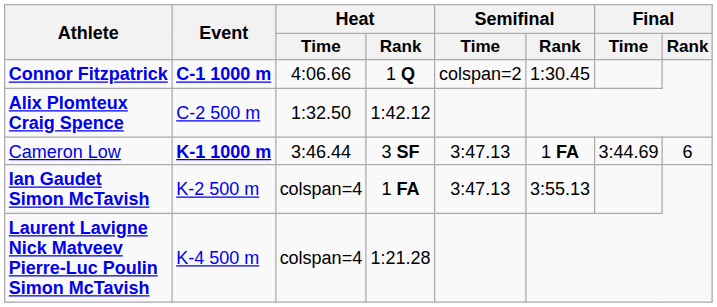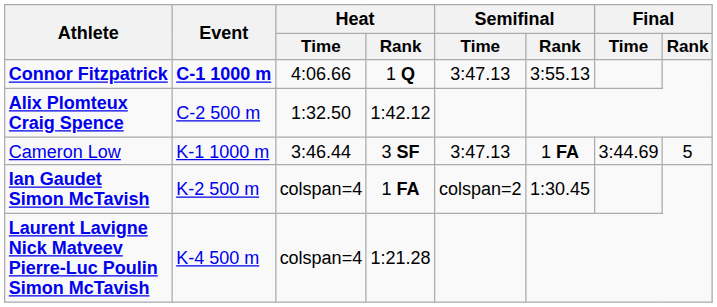 <table class=wikitable style=font-size:90%;text-align:center>
 <tr>
 <th rowspan=2>Athlete</th>
 <th rowspan=2>Event</th>
 <th colspan=2>Heat</th>
 <th colspan=2>Semifinal</th>
 <th colspan=2>Final</th>
 </tr>
 <tr style=font-size:95%>
 <th>Time</th>
 <th>Rank</th>
 <th>Time</th>
 <th>Rank</th>
 <th>Time</th>
 <th>Rank</th>
 </tr>
 <tr>
 <td align=left><strong><a href='#'>Connor Fitzpatrick</a></strong></td>
 <td align=left><strong><a href='#'>C-1 1000 m</a></strong></td>
 <td>4:06.66</td>
 <td>1 <strong>Q</strong></td>
-<td>colspan=2 </td>
-<td>1:30.45</td>
+<td>3:47.13</td>
+<td>3:55.13</td>
 <td></td>
 </tr>
 <tr>
 <td align=left><strong><a href='#'>Alix Plomteux</a><br><a href='#'>Craig Spence</a></strong></td>
 <td align=left><a href='#'>C-2 500 m</a></td>
 <td>1:32.50</td>
 <td>1:42.12</td>
 <td></td>
 </tr>
 <tr>
 <td align=left><a href='#'>Cameron Low</a></td>
-<td align=left><strong><a href='#'>K-1 1000 m</a></strong></td>
+<td align=left><a href='#'>K-1 1000 m</a></td>
 <td>3:46.44</td>
 <td>3 <strong>SF</strong></td>
 <td>3:47.13</td>
 <td>1 <strong>FA</strong></td>
 <td>3:44.69</td>
-<td>6</td>
+<td>5</td>
 </tr>
 <tr>
 <td align=left><strong><a href='#'>Ian Gaudet</a><br><a href='#'>Simon McTavish</a></strong></td>
 <td align=left><a href='#'>K-2 500 m</a></td>
 <td>colspan=4 </td>
 <td>1 <strong>FA</strong></td>
-<td>3:47.13</td>
-<td>3:55.13</td>
+<td>colspan=2 </td>
+<td>1:30.45</td>
 <td></td>
 </tr>
 <tr>
 <td align=left><strong><a href='#'>Laurent Lavigne</a><br><a href='#'>Nick Matveev</a><br><a href='#'>Pierre-Luc Poulin</a><br><a href='#'>Simon McTavish</a></strong></td>
 <td align=left><a href='#'>K-4 500 m</a></td>
 <td>colspan=4 </td>
 <td>1:21.28</td>
 <td></td>
 </tr>
 </table>
